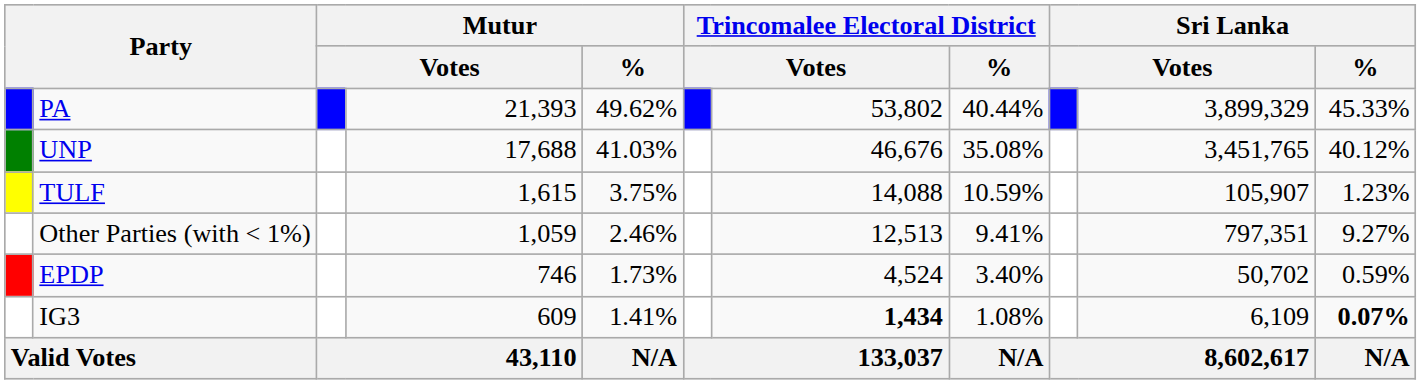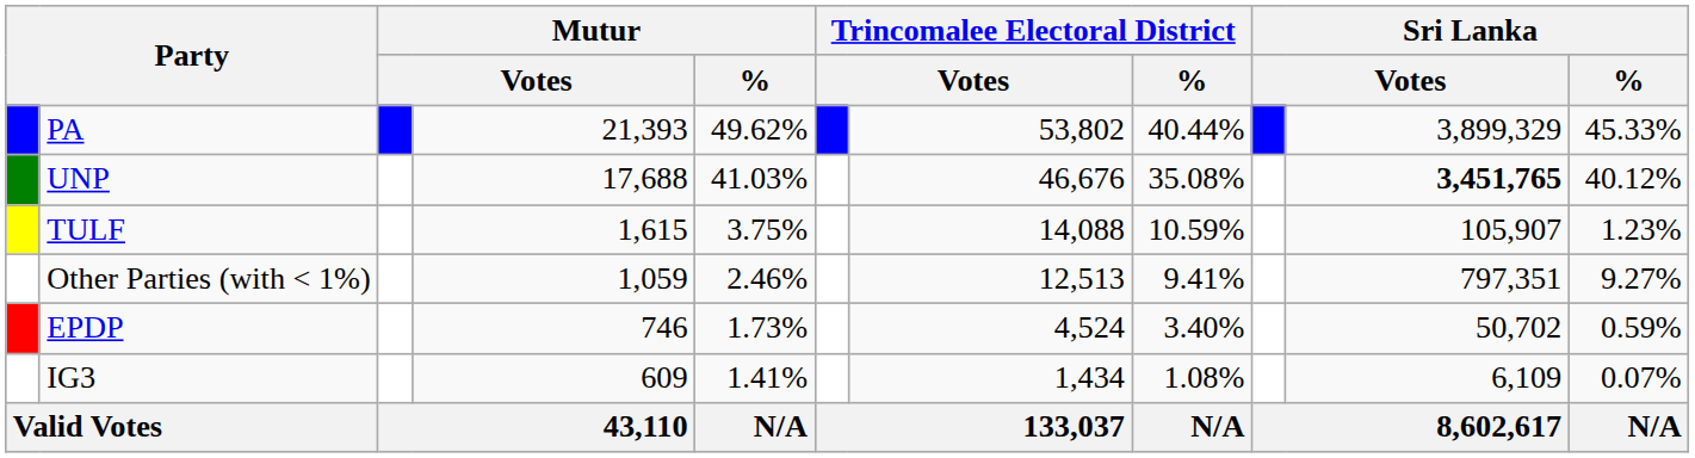 <table class="wikitable">
 <tr>
 <th colspan="2" width="144px"rowspan="2">Party</th>
 <th colspan="3" width="216px">Mutur</th>
 <th colspan="3" width="216px"><a href='#'>Trincomalee Electoral District</a></th>
 <th colspan="3" width="216px">Sri Lanka</th>
 </tr>
 <tr>
 <th colspan="2" width="144px">Votes</th>
 <th>%</th>
 <th colspan="2" width="144px">Votes</th>
 <th>%</th>
 <th colspan="2" width="144px">Votes</th>
 <th>%</th>
 </tr>
 <tr>
 <td style="background-color:blue;" width="10px"></td>
 <td style="text-align:left;"><a href='#'>PA</a></td>
 <td style="background-color:blue;" width="10px"></td>
 <td style="text-align:right;">21,393</td>
 <td style="text-align:right;">49.62%</td>
 <td style="background-color:blue;" width="10px"></td>
 <td style="text-align:right;">53,802</td>
 <td style="text-align:right;">40.44%</td>
 <td style="background-color:blue;" width="10px"></td>
 <td style="text-align:right;">3,899,329</td>
 <td style="text-align:right;">45.33%</td>
 </tr>
 <tr>
 <td style="background-color:green;" width="10px"></td>
 <td style="text-align:left;"><a href='#'>UNP</a></td>
 <td style="background-color:white;" width="10px"></td>
 <td style="text-align:right;">17,688</td>
 <td style="text-align:right;">41.03%</td>
 <td style="background-color:white;" width="10px"></td>
 <td style="text-align:right;">46,676</td>
 <td style="text-align:right;">35.08%</td>
 <td style="background-color:white;" width="10px"></td>
-<td style="text-align:right;">3,451,765</td>
+<td style="text-align:right;"><strong>3,451,765</strong></td>
 <td style="text-align:right;">40.12%</td>
 </tr>
 <tr>
 <td style="background-color:yellow;" width="10px"></td>
 <td style="text-align:left;"><a href='#'>TULF</a></td>
 <td style="background-color:white;" width="10px"></td>
 <td style="text-align:right;">1,615</td>
 <td style="text-align:right;">3.75%</td>
 <td style="background-color:white;" width="10px"></td>
 <td style="text-align:right;">14,088</td>
 <td style="text-align:right;">10.59%</td>
 <td style="background-color:white;" width="10px"></td>
 <td style="text-align:right;">105,907</td>
 <td style="text-align:right;">1.23%</td>
 </tr>
 <tr>
 <td style="background-color:white;" width="10px"></td>
 <td style="text-align:left;">Other Parties (with < 1%)</td>
 <td style="background-color:white;" width="10px"></td>
 <td style="text-align:right;">1,059</td>
 <td style="text-align:right;">2.46%</td>
 <td style="background-color:white;" width="10px"></td>
 <td style="text-align:right;">12,513</td>
 <td style="text-align:right;">9.41%</td>
 <td style="background-color:white;" width="10px"></td>
 <td style="text-align:right;">797,351</td>
 <td style="text-align:right;">9.27%</td>
 </tr>
 <tr>
 <td style="background-color:red;" width="10px"></td>
 <td style="text-align:left;"><a href='#'>EPDP</a></td>
 <td style="background-color:white;" width="10px"></td>
 <td style="text-align:right;">746</td>
 <td style="text-align:right;">1.73%</td>
 <td style="background-color:white;" width="10px"></td>
 <td style="text-align:right;">4,524</td>
 <td style="text-align:right;">3.40%</td>
 <td style="background-color:white;" width="10px"></td>
 <td style="text-align:right;">50,702</td>
 <td style="text-align:right;">0.59%</td>
 </tr>
 <tr>
 <td style="background-color:white;" width="10px"></td>
 <td style="text-align:left;">IG3</td>
 <td style="background-color:white;" width="10px"></td>
 <td style="text-align:right;">609</td>
 <td style="text-align:right;">1.41%</td>
 <td style="background-color:white;" width="10px"></td>
-<td style="text-align:right;"><strong>1,434</strong></td>
+<td style="text-align:right;">1,434</td>
 <td style="text-align:right;">1.08%</td>
 <td style="background-color:white;" width="10px"></td>
 <td style="text-align:right;">6,109</td>
-<td style="text-align:right;"><strong>0.07%</strong></td>
+<td style="text-align:right;">0.07%</td>
 </tr>
 <tr>
 <th colspan="2" width="144px"style="text-align:left;">Valid Votes</th>
 <th style="text-align:right;"colspan="2" width="144px">43,110</th>
 <th style="text-align:right;">N/A</th>
 <th style="text-align:right;"colspan="2" width="144px">133,037</th>
 <th style="text-align:right;">N/A</th>
 <th style="text-align:right;"colspan="2" width="144px">8,602,617</th>
 <th style="text-align:right;">N/A</th>
 </tr>
 </table>
